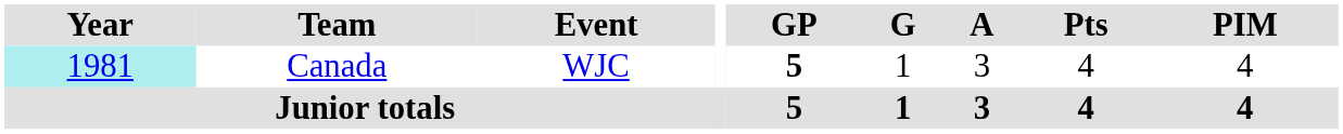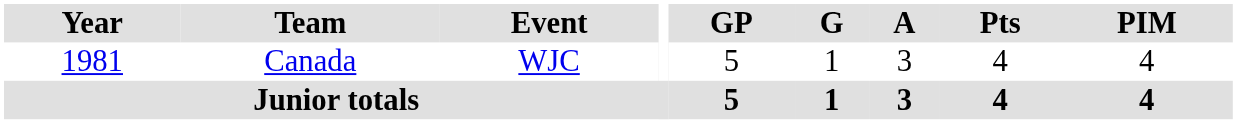 <table border="0" cellpadding="1" cellspacing="0" ID="Table3" style="text-align:center; width:40em">
 <tr bgcolor="#e0e0e0">
 <th>Year</th>
 <th>Team</th>
 <th>Event</th>
 <th rowspan="102" bgcolor="#ffffff"></th>
 <th>GP</th>
 <th>G</th>
 <th>A</th>
 <th>Pts</th>
 <th>PIM</th>
 </tr>
 <tr>
-<td style="background: paleturquoise;"><a href='#'>1981</a></td>
+<td><a href='#'>1981</a></td>
 <td><a href='#'>Canada</a></td>
 <td><a href='#'>WJC</a></td>
-<td><strong>5</strong></td>
+<td>5</td>
 <td>1</td>
 <td>3</td>
 <td>4</td>
 <td>4</td>
 </tr>
 <tr bgcolor="#e0e0e0">
 <th colspan="4">Junior totals</th>
 <th>5</th>
 <th>1</th>
 <th>3</th>
 <th>4</th>
 <th>4</th>
 </tr>
 </table>
